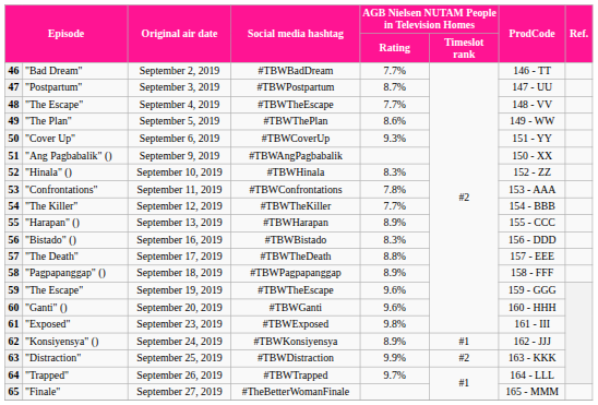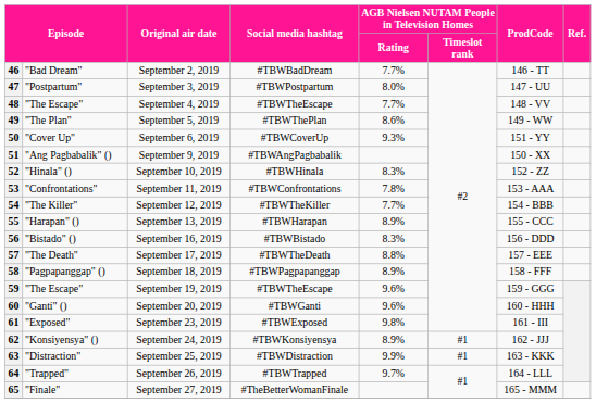 <table class="wikitable" style="text-align:center; font-size:100%; line-height:18px;" width="100%">
 <tr>
 <th style="background-color:#FF1493; color:#ffffff;" colspan="2" rowspan="2">Episode</th>
 <th style="background-color:#FF1493; color:white" rowspan="2">Original air date</th>
 <th style="background-color:#FF1493; color:white" rowspan="2">Social media hashtag</th>
 <th style="background-color:#FF1493; color:#ffffff;" colspan="2">AGB Nielsen NUTAM People in Television Homes</th>
 <th style="background-color:#FF1493; color:#ffffff;" rowspan="2">ProdCode</th>
 <th style="background-color:#FF1493; color:#ffffff;" rowspan="2">Ref.</th>
 </tr>
 <tr>
 <th style="background-color:#FF1493; width:75px; color:#ffffff;">Rating</th>
 <th style="background-color:#FF1493; width:75px; color:#ffffff;">Timeslot<br>rank</th>
 </tr>
 <tr>
 <th>46</th>
 <td style="text-align: left;">"Bad Dream"</td>
 <td>September 2, 2019</td>
 <td>#TBWBadDream</td>
 <td>7.7%</td>
 <td rowspan="16">#2</td>
 <td>146 - TT</td>
 <td></td>
 </tr>
 <tr>
 <th>47</th>
 <td style="text-align: left;">"Postpartum"</td>
 <td>September 3, 2019</td>
 <td>#TBWPostpartum</td>
-<td>8.7%</td>
+<td>8.0%</td>
 <td>147 - UU</td>
 <td></td>
 </tr>
 <tr>
 <th>48</th>
 <td style="text-align: left;">"The Escape"</td>
 <td>September 4, 2019</td>
 <td>#TBWTheEscape</td>
 <td>7.7%</td>
 <td>148 - VV</td>
 <td></td>
 </tr>
 <tr>
 <th>49</th>
 <td style="text-align: left;">"The Plan"</td>
 <td>September 5, 2019</td>
 <td>#TBWThePlan</td>
 <td>8.6%</td>
 <td>149 - WW</td>
 <td></td>
 </tr>
 <tr>
 <th>50</th>
 <td style="text-align: left;">"Cover Up"</td>
 <td>September 6, 2019</td>
 <td>#TBWCoverUp</td>
 <td>9.3%</td>
 <td>151 - YY</td>
 <td></td>
 </tr>
 <tr>
 <th>51</th>
 <td style="text-align: left;">"Ang Pagbabalik" ()</td>
 <td>September 9, 2019</td>
 <td>#TBWAngPagbabalik</td>
 <td></td>
 <td>150 - XX</td>
 <td></td>
 </tr>
 <tr>
 <th>52</th>
 <td style="text-align: left;">"Hinala" ()</td>
 <td>September 10, 2019</td>
 <td>#TBWHinala</td>
 <td>8.3%</td>
 <td>152 - ZZ</td>
 <td></td>
 </tr>
 <tr>
 <th>53</th>
 <td style="text-align: left;">"Confrontations"</td>
 <td>September 11, 2019</td>
 <td>#TBWConfrontations</td>
 <td>7.8%</td>
 <td>153 - AAA</td>
 <td></td>
 </tr>
 <tr>
 <th>54</th>
 <td style="text-align: left;">"The Killer"</td>
 <td>September 12, 2019</td>
 <td>#TBWTheKiller</td>
 <td>7.7%</td>
 <td>154 - BBB</td>
 <td></td>
 </tr>
 <tr>
 <th>55</th>
 <td style="text-align: left;">"Harapan" ()</td>
 <td>September 13, 2019</td>
 <td>#TBWHarapan</td>
 <td>8.9%</td>
 <td>155 - CCC</td>
 <td></td>
 </tr>
 <tr>
 <th>56</th>
 <td style="text-align: left;">"Bistado" ()</td>
 <td>September 16, 2019</td>
 <td>#TBWBistado</td>
 <td>8.3%</td>
 <td>156 - DDD</td>
 <td></td>
 </tr>
 <tr>
 <th>57</th>
 <td style="text-align: left;">"The Death"</td>
 <td>September 17, 2019</td>
 <td>#TBWTheDeath</td>
 <td>8.8%</td>
 <td>157 - EEE</td>
 <td></td>
 </tr>
 <tr>
 <th>58</th>
 <td style="text-align: left;">"Pagpapanggap" ()</td>
 <td>September 18, 2019</td>
 <td>#TBWPagpapanggap</td>
 <td>8.9%</td>
 <td>158 - FFF</td>
 <td></td>
 </tr>
 <tr>
 <th>59</th>
 <td style="text-align: left;">"The Escape"</td>
 <td>September 19, 2019</td>
 <td>#TBWTheEscape</td>
 <td>9.6%</td>
 <td>159 - GGG</td>
 <th rowspan="6"></th>
 </tr>
 <tr>
 <th>60</th>
 <td style="text-align: left;">"Ganti" ()</td>
 <td>September 20, 2019</td>
 <td>#TBWGanti</td>
 <td>9.6%</td>
 <td>160 - HHH</td>
 </tr>
 <tr>
 <th>61</th>
 <td style="text-align: left;">"Exposed"</td>
 <td>September 23, 2019</td>
 <td>#TBWExposed</td>
 <td>9.8%</td>
 <td>161 - III</td>
 </tr>
 <tr>
 <th>62</th>
 <td style="text-align: left;">"Konsiyensya" ()</td>
 <td>September 24, 2019</td>
 <td>#TBWKonsiyensya</td>
 <td>8.9%</td>
 <td>#1</td>
 <td>162 - JJJ</td>
 </tr>
 <tr>
 <th>63</th>
 <td style="text-align: left;">"Distraction"</td>
 <td>September 25, 2019</td>
 <td>#TBWDistraction</td>
 <td>9.9%</td>
-<td>#2</td>
+<td>#1</td>
 <td>163 - KKK</td>
 </tr>
 <tr>
 <th>64</th>
 <td style="text-align: left;">"Trapped"</td>
 <td>September 26, 2019</td>
 <td>#TBWTrapped</td>
 <td>9.7%</td>
 <td rowspan="2">#1</td>
 <td>164 - LLL</td>
 </tr>
 <tr>
 <th>65</th>
 <td style="text-align: left;">"Finale"</td>
 <td>September 27, 2019</td>
 <td>#TheBetterWomanFinale</td>
 <td></td>
 <td>165 - MMM</td>
 <td></td>
 </tr>
 <tr>
 </tr>
 </table>
